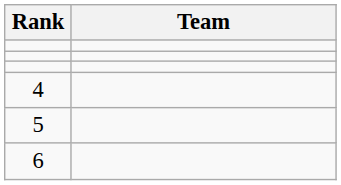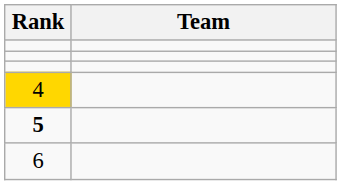 <table class=wikitable style="text-align:center;">
 <tr>
 <th width=40>Rank</th>
 <th width=180>Team</th>
 </tr>
 <tr>
 <td></td>
 <td></td>
 </tr>
 <tr>
 <td></td>
 <td></td>
 </tr>
 <tr>
 <td></td>
 <td></td>
 </tr>
 <tr>
-<td>4</td>
+<td style="background: gold;">4</td>
 <td></td>
 </tr>
 <tr>
-<td>5</td>
+<td><strong>5</strong></td>
 <td></td>
 </tr>
 <tr>
 <td>6</td>
 <td></td>
 </tr>
 </table>
